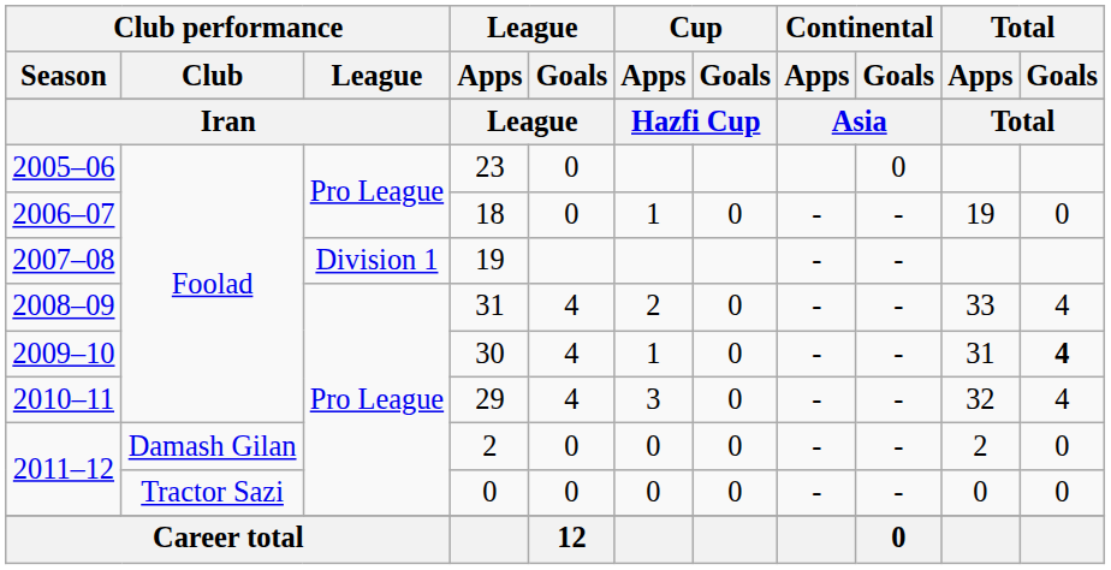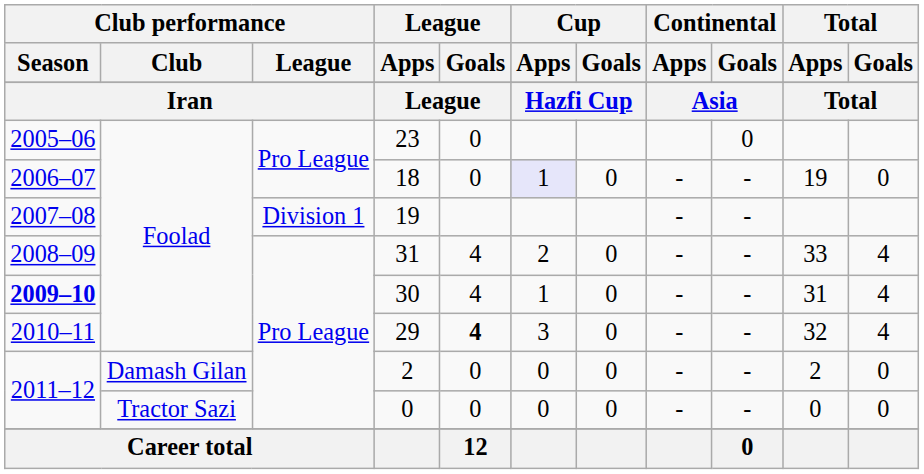 <table class="wikitable" style="text-align:center">
 <tr>
 <th colspan=3>Club performance</th>
 <th colspan=2>League</th>
 <th colspan=2>Cup</th>
 <th colspan=2>Continental</th>
 <th colspan=2>Total</th>
 </tr>
 <tr>
 <th>Season</th>
 <th>Club</th>
 <th>League</th>
 <th>Apps</th>
 <th>Goals</th>
 <th>Apps</th>
 <th>Goals</th>
 <th>Apps</th>
 <th>Goals</th>
 <th>Apps</th>
 <th>Goals</th>
 </tr>
 <tr>
 </tr>
 <tr>
 <th colspan=3>Iran</th>
 <th colspan=2>League</th>
 <th colspan=2><a href='#'>Hazfi Cup</a></th>
 <th colspan=2><a href='#'>Asia</a></th>
 <th colspan=2>Total</th>
 </tr>
 <tr>
 <td><a href='#'>2005–06</a></td>
 <td rowspan=6><a href='#'>Foolad</a></td>
 <td rowspan=2><a href='#'>Pro League</a></td>
 <td>23</td>
 <td>0</td>
 <td></td>
 <td></td>
 <td></td>
 <td>0</td>
 <td></td>
 <td></td>
 </tr>
 <tr>
 <td><a href='#'>2006–07</a></td>
 <td>18</td>
 <td>0</td>
-<td>1</td>
+<td style="background: lavender;">1</td>
 <td>0</td>
 <td>-</td>
 <td>-</td>
 <td>19</td>
 <td>0</td>
 </tr>
 <tr>
 <td><a href='#'>2007–08</a></td>
 <td rowspan=1><a href='#'>Division 1</a></td>
 <td>19</td>
 <td></td>
 <td></td>
 <td></td>
 <td>-</td>
 <td>-</td>
 <td></td>
 <td></td>
 </tr>
 <tr>
 <td><a href='#'>2008–09</a></td>
 <td rowspan=5><a href='#'>Pro League</a></td>
 <td>31</td>
 <td>4</td>
 <td>2</td>
 <td>0</td>
 <td>-</td>
 <td>-</td>
 <td>33</td>
 <td>4</td>
 </tr>
 <tr>
-<td><a href='#'>2009–10</a></td>
+<td><strong><a href='#'>2009–10</a></strong></td>
 <td>30</td>
 <td>4</td>
 <td>1</td>
 <td>0</td>
 <td>-</td>
 <td>-</td>
 <td>31</td>
-<td><strong>4</strong></td>
+<td>4</td>
 </tr>
 <tr>
 <td><a href='#'>2010–11</a></td>
 <td>29</td>
-<td>4</td>
+<td><strong>4</strong></td>
 <td>3</td>
 <td>0</td>
 <td>-</td>
 <td>-</td>
 <td>32</td>
 <td>4</td>
 </tr>
 <tr>
 <td rowspan=2><a href='#'>2011–12</a></td>
 <td rowspan=1><a href='#'>Damash Gilan</a></td>
 <td>2</td>
 <td>0</td>
 <td>0</td>
 <td>0</td>
 <td>-</td>
 <td>-</td>
 <td>2</td>
 <td>0</td>
 </tr>
 <tr>
 <td><a href='#'>Tractor Sazi</a></td>
 <td>0</td>
 <td>0</td>
 <td>0</td>
 <td>0</td>
 <td>-</td>
 <td>-</td>
 <td>0</td>
 <td>0</td>
 </tr>
 <tr>
 </tr>
 <tr>
 <th colspan=3>Career total</th>
 <th></th>
 <th>12</th>
 <th></th>
 <th></th>
 <th></th>
 <th>0</th>
 <th></th>
 <th></th>
 </tr>
 </table>
